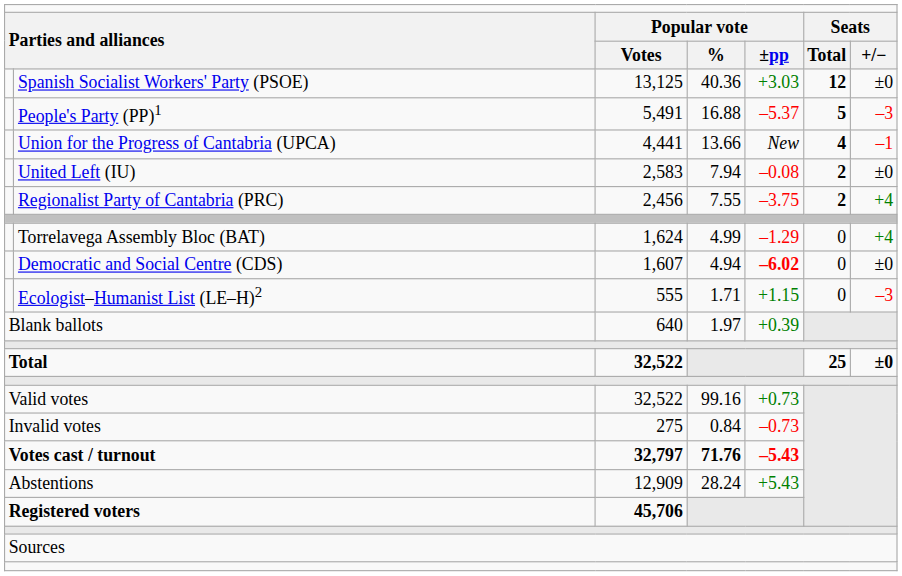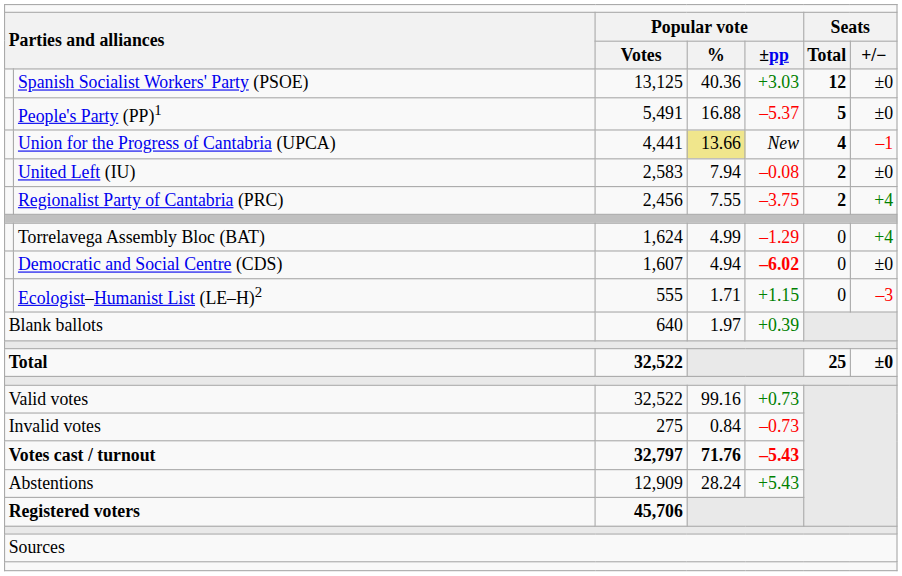 <table class="wikitable" style="text-align:right;">
 <tr>
 <td colspan="7"></td>
 </tr>
 <tr>
 <th style="text-align:left;" rowspan="2" colspan="2" width="525">Parties and alliances</th>
 <th colspan="3">Popular vote</th>
 <th colspan="2">Seats</th>
 </tr>
 <tr>
 <th width="75">Votes</th>
 <th width="45">%</th>
 <th width="45">±<a href='#'>pp</a></th>
 <th width="35">Total</th>
 <th width="35">+/−</th>
 </tr>
 <tr>
 <td width="1" style="color:inherit;background:"></td>
 <td align="left"><a href='#'>Spanish Socialist Workers' Party</a> (PSOE)</td>
 <td>13,125</td>
 <td>40.36</td>
 <td style="color:green;">+3.03</td>
 <td><strong>12</strong></td>
 <td>±0</td>
 </tr>
 <tr>
 <td style="color:inherit;background:"></td>
 <td align="left"><a href='#'>People's Party</a> (PP)<sup>1</sup></td>
 <td>5,491</td>
 <td>16.88</td>
 <td style="color:red;">–5.37</td>
 <td><strong>5</strong></td>
-<td style="color:red;">–3</td>
+<td>±0</td>
 </tr>
 <tr>
 <td style="color:inherit;background:"></td>
 <td align="left"><a href='#'>Union for the Progress of Cantabria</a> (UPCA)</td>
 <td>4,441</td>
-<td>13.66</td>
+<td style="background: khaki;">13.66</td>
 <td><em>New</em></td>
 <td><strong>4</strong></td>
 <td style="color:red;">–1</td>
 </tr>
 <tr>
 <td style="color:inherit;background:"></td>
 <td align="left"><a href='#'>United Left</a> (IU)</td>
 <td>2,583</td>
 <td>7.94</td>
 <td style="color:red;">–0.08</td>
 <td><strong>2</strong></td>
 <td>±0</td>
 </tr>
 <tr>
 <td style="color:inherit;background:"></td>
 <td align="left"><a href='#'>Regionalist Party of Cantabria</a> (PRC)</td>
 <td>2,456</td>
 <td>7.55</td>
 <td style="color:red;">–3.75</td>
 <td><strong>2</strong></td>
 <td style="color:green;">+4</td>
 </tr>
 <tr>
 <td colspan="7" bgcolor="#C0C0C0"></td>
 </tr>
 <tr>
 <td style="color:inherit;background:"></td>
 <td align="left">Torrelavega Assembly Bloc (BAT)</td>
 <td>1,624</td>
 <td>4.99</td>
 <td style="color:red;">–1.29</td>
 <td>0</td>
 <td style="color:green;">+4</td>
 </tr>
 <tr>
 <td style="color:inherit;background:"></td>
 <td align="left"><a href='#'>Democratic and Social Centre</a> (CDS)</td>
 <td>1,607</td>
 <td>4.94</td>
 <td style="color:red;"><strong>–6.02</strong></td>
 <td>0</td>
 <td>±0</td>
 </tr>
 <tr>
 <td style="color:inherit;background:"></td>
 <td align="left"><a href='#'>Ecologist</a>–<a href='#'>Humanist List</a> (LE–H)<sup>2</sup></td>
 <td>555</td>
 <td>1.71</td>
 <td style="color:green;">+1.15</td>
 <td>0</td>
 <td style="color:red;">–3</td>
 </tr>
 <tr>
 <td align="left" colspan="2">Blank ballots</td>
 <td>640</td>
 <td>1.97</td>
 <td style="color:green;">+0.39</td>
 <td bgcolor="#E9E9E9" colspan="2"></td>
 </tr>
 <tr>
 <td colspan="7" bgcolor="#E9E9E9"></td>
 </tr>
 <tr style="font-weight:bold;">
 <td align="left" colspan="2">Total</td>
 <td>32,522</td>
 <td bgcolor="#E9E9E9" colspan="2"></td>
 <td>25</td>
 <td>±0</td>
 </tr>
 <tr>
 <td colspan="7" bgcolor="#E9E9E9"></td>
 </tr>
 <tr>
 <td align="left" colspan="2">Valid votes</td>
 <td>32,522</td>
 <td>99.16</td>
 <td style="color:green;">+0.73</td>
 <td bgcolor="#E9E9E9" colspan="2" rowspan="5"></td>
 </tr>
 <tr>
 <td align="left" colspan="2">Invalid votes</td>
 <td>275</td>
 <td>0.84</td>
 <td style="color:red;">–0.73</td>
 </tr>
 <tr style="font-weight:bold;">
 <td align="left" colspan="2">Votes cast / turnout</td>
 <td>32,797</td>
 <td>71.76</td>
 <td style="color:red;">–5.43</td>
 </tr>
 <tr>
 <td align="left" colspan="2">Abstentions</td>
 <td>12,909</td>
 <td>28.24</td>
 <td style="color:green;">+5.43</td>
 </tr>
 <tr style="font-weight:bold;">
 <td align="left" colspan="2">Registered voters</td>
 <td>45,706</td>
 <td bgcolor="#E9E9E9" colspan="2"></td>
 </tr>
 <tr>
 <td colspan="7" bgcolor="#E9E9E9"></td>
 </tr>
 <tr>
 <td align="left" colspan="7">Sources</td>
 </tr>
 <tr>
 <td colspan="7" style="text-align:left; max-width:790px;"></td>
 </tr>
 </table>
